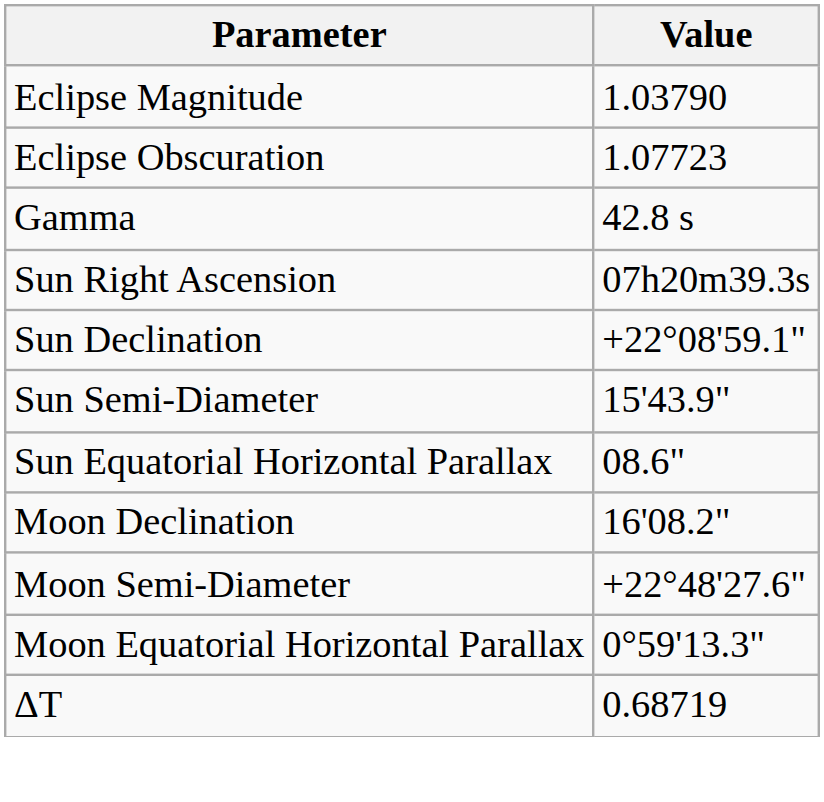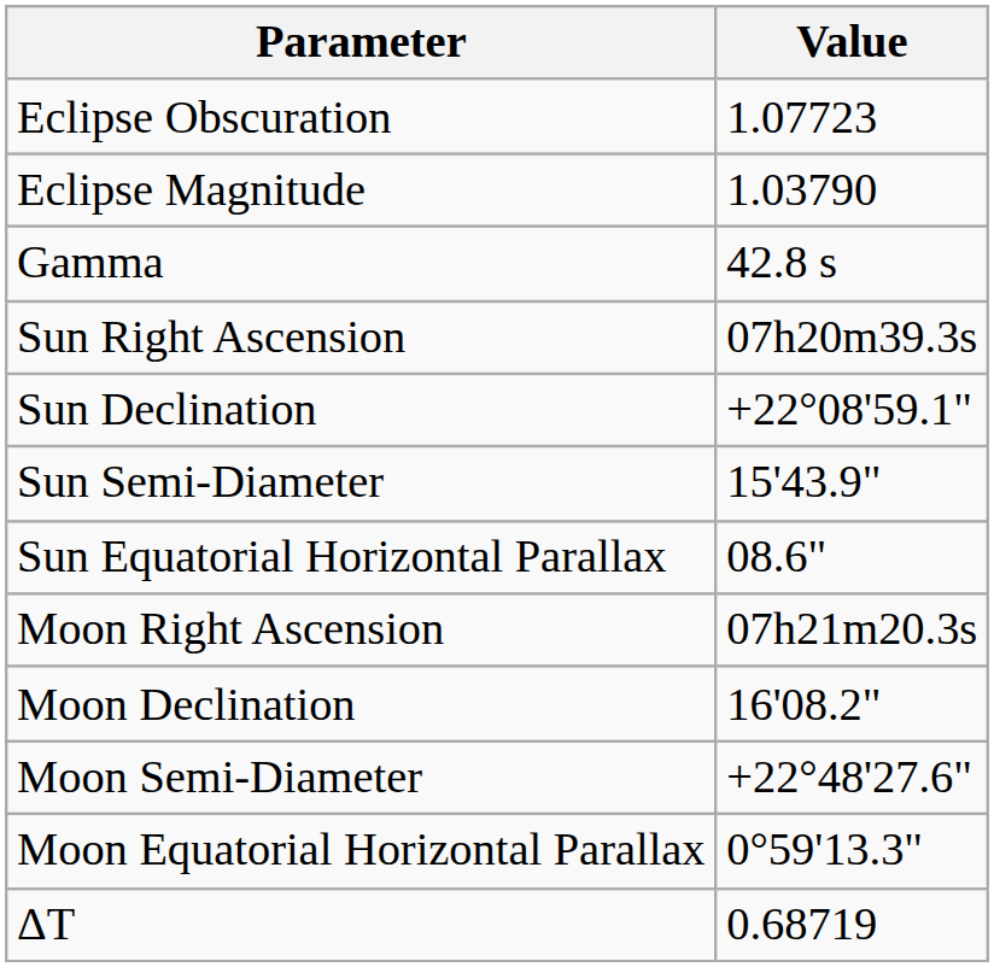 <table class="wikitable">
 <tr>
 <th>Parameter</th>
 <th>Value</th>
 </tr>
 <tr>
+<td>Eclipse Obscuration</td>
+<td>1.07723</td>
+</tr>
+<tr>
 <td>Eclipse Magnitude</td>
 <td>1.03790</td>
-</tr>
-<tr>
-<td>Eclipse Obscuration</td>
-<td>1.07723</td>
 </tr>
 <tr>
 <td>Gamma</td>
 <td>42.8 s</td>
 </tr>
 <tr>
 <td>Sun Right Ascension</td>
 <td>07h20m39.3s</td>
 </tr>
 <tr>
 <td>Sun Declination</td>
 <td>+22°08'59.1"</td>
 </tr>
 <tr>
 <td>Sun Semi-Diameter</td>
 <td>15'43.9"</td>
 </tr>
 <tr>
 <td>Sun Equatorial Horizontal Parallax</td>
 <td>08.6"</td>
 </tr>
 <tr>
+<td>Moon Right Ascension</td>
+<td>07h21m20.3s</td>
+</tr>
+<tr>
 <td>Moon Declination</td>
 <td>16'08.2"</td>
 </tr>
 <tr>
 <td>Moon Semi-Diameter</td>
 <td>+22°48'27.6"</td>
 </tr>
 <tr>
 <td>Moon Equatorial Horizontal Parallax</td>
 <td>0°59'13.3"</td>
 </tr>
 <tr>
 <td>ΔT</td>
 <td>0.68719</td>
 </tr>
 </table>
